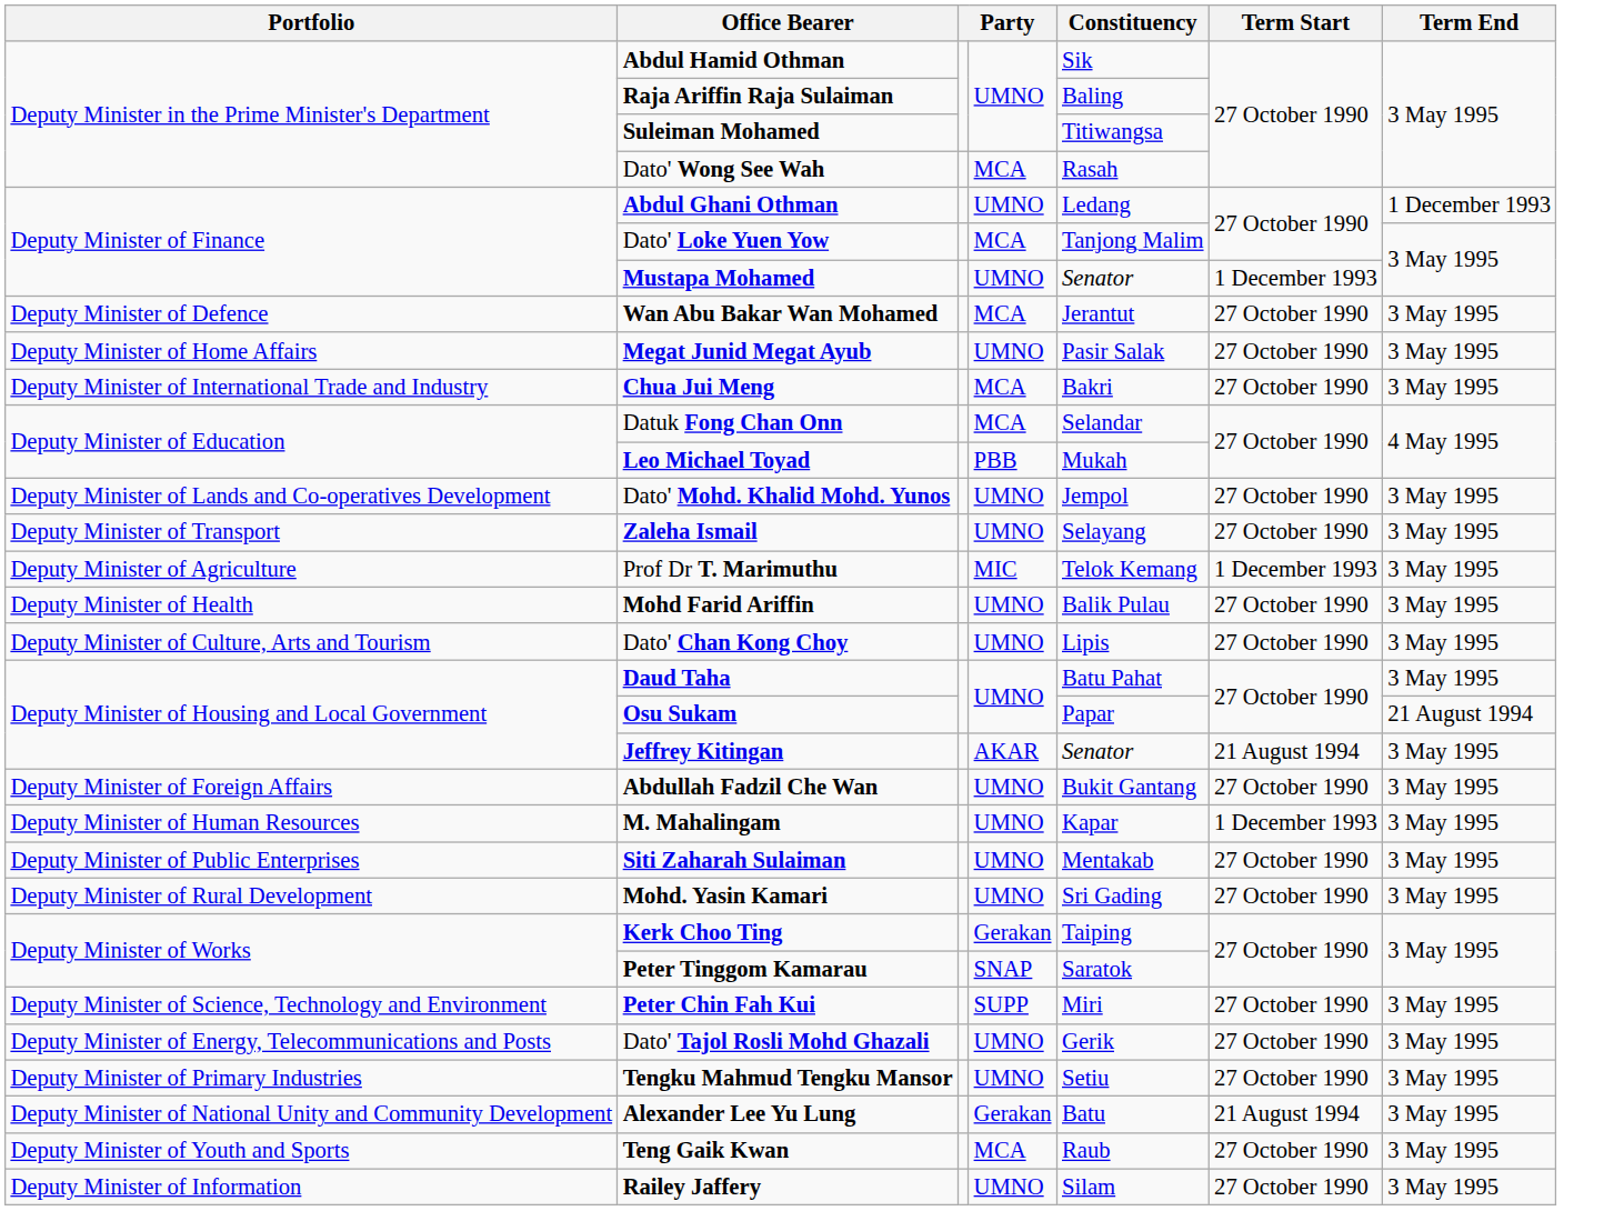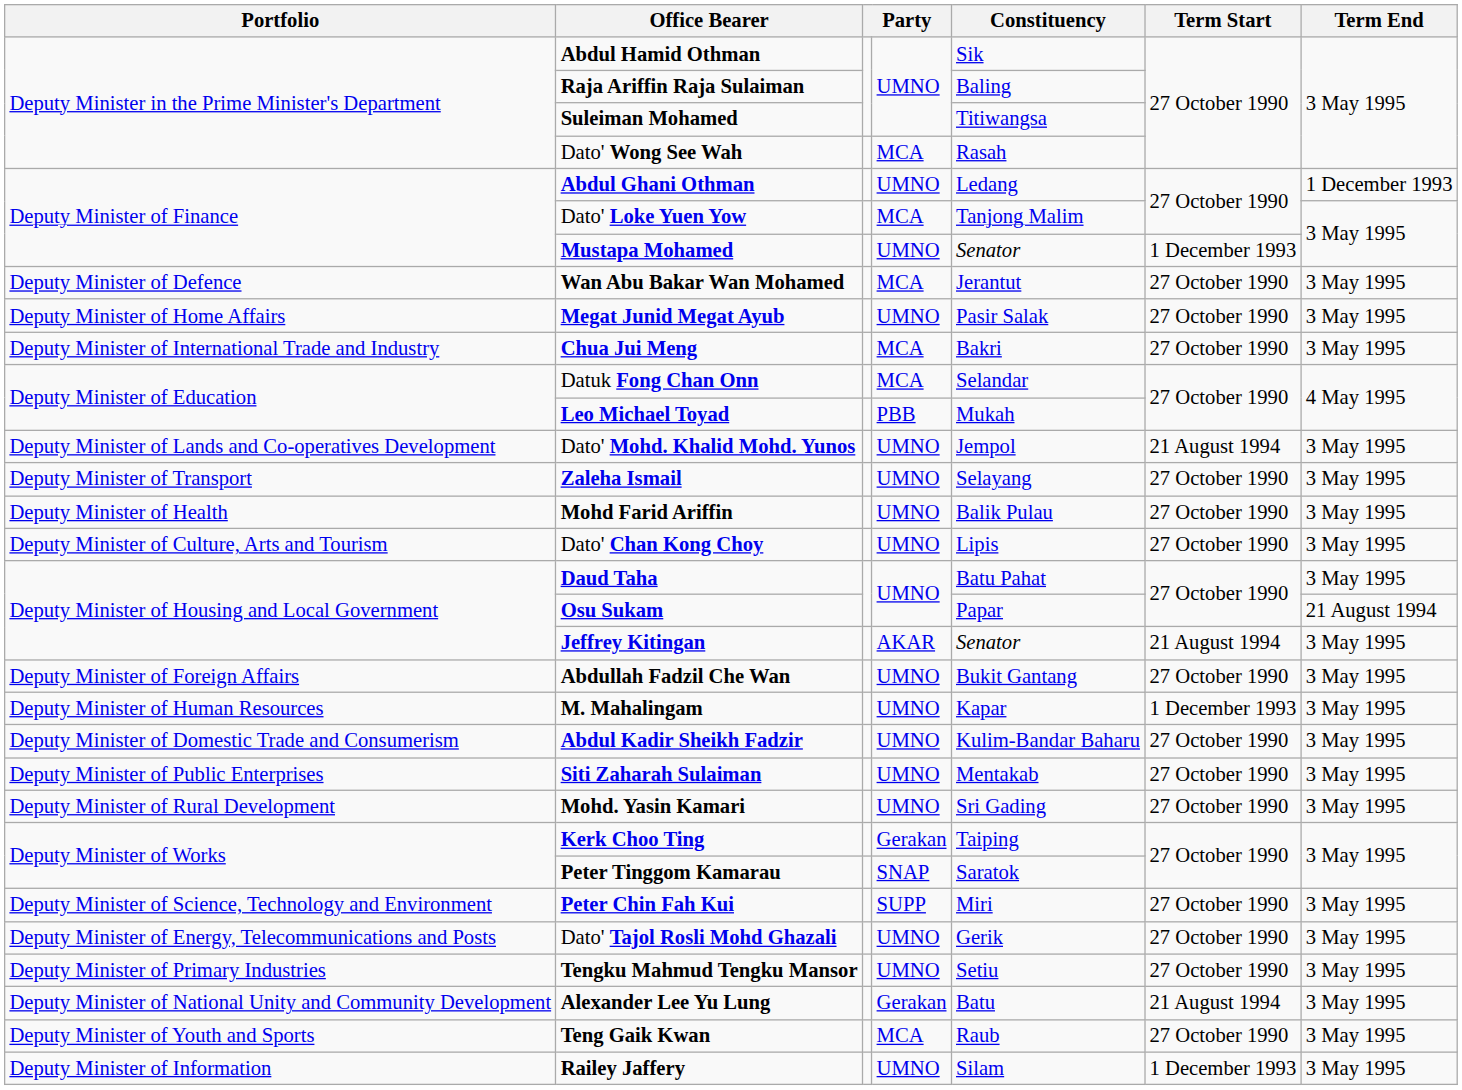 <table class="sortable wikitable">
 <tr>
 <th>Portfolio</th>
 <th>Office Bearer</th>
 <th colspan=2>Party</th>
 <th>Constituency</th>
 <th>Term Start</th>
 <th>Term End</th>
 </tr>
 <tr>
 <td rowspan="4"><a href='#'>Deputy Minister in the Prime Minister's Department</a></td>
 <td><strong>Abdul Hamid Othman</strong> </td>
 <td rowspan=3></td>
 <td rowspan="3"><a href='#'>UMNO</a></td>
 <td><a href='#'>Sik</a></td>
 <td rowspan="4">27 October 1990</td>
 <td rowspan="4">3 May 1995</td>
 </tr>
 <tr>
 <td><strong>Raja Ariffin Raja Sulaiman</strong> </td>
 <td><a href='#'>Baling</a></td>
 </tr>
 <tr>
 <td><strong>Suleiman Mohamed</strong> </td>
 <td><a href='#'>Titiwangsa</a></td>
 </tr>
 <tr>
 <td>Dato' <strong>Wong See Wah</strong> </td>
 <td rowspan=1></td>
 <td><a href='#'>MCA</a></td>
 <td><a href='#'>Rasah</a></td>
 </tr>
 <tr>
 <td rowspan="3"><a href='#'>Deputy Minister of Finance</a></td>
 <td><strong><a href='#'>Abdul Ghani Othman</a></strong> </td>
 <td></td>
 <td><a href='#'>UMNO</a></td>
 <td><a href='#'>Ledang</a></td>
 <td rowspan="2">27 October 1990</td>
 <td>1 December 1993</td>
 </tr>
 <tr>
 <td>Dato' <strong><a href='#'>Loke Yuen Yow</a></strong> </td>
 <td></td>
 <td><a href='#'>MCA</a></td>
 <td><a href='#'>Tanjong Malim</a></td>
 <td rowspan="2">3 May 1995</td>
 </tr>
 <tr>
 <td><strong><a href='#'>Mustapa Mohamed</a></strong></td>
 <td></td>
 <td><a href='#'>UMNO</a></td>
 <td><em>Senator</em></td>
 <td>1 December 1993</td>
 </tr>
 <tr>
 <td><a href='#'>Deputy Minister of Defence</a></td>
 <td><strong>Wan Abu Bakar Wan Mohamed</strong> </td>
 <td rowspan=1></td>
 <td><a href='#'>MCA</a></td>
 <td><a href='#'>Jerantut</a></td>
 <td>27 October 1990</td>
 <td>3 May 1995</td>
 </tr>
 <tr>
 <td><a href='#'>Deputy Minister of Home Affairs</a></td>
 <td><strong><a href='#'>Megat Junid Megat Ayub</a></strong> </td>
 <td></td>
 <td><a href='#'>UMNO</a></td>
 <td><a href='#'>Pasir Salak</a></td>
 <td>27 October 1990</td>
 <td>3 May 1995</td>
 </tr>
 <tr>
 <td><a href='#'>Deputy Minister of International Trade and Industry</a></td>
 <td><strong><a href='#'>Chua Jui Meng</a></strong> </td>
 <td></td>
 <td><a href='#'>MCA</a></td>
 <td><a href='#'>Bakri</a></td>
 <td>27 October 1990</td>
 <td>3 May 1995</td>
 </tr>
 <tr>
 <td rowspan="2"><a href='#'>Deputy Minister of Education</a></td>
 <td>Datuk <strong><a href='#'>Fong Chan Onn</a></strong> </td>
 <td></td>
 <td><a href='#'>MCA</a></td>
 <td><a href='#'>Selandar</a></td>
 <td rowspan="2">27 October 1990</td>
 <td rowspan="2">4 May 1995</td>
 </tr>
 <tr>
 <td><strong><a href='#'>Leo Michael Toyad</a></strong> </td>
 <td></td>
 <td><a href='#'>PBB</a></td>
 <td><a href='#'>Mukah</a></td>
 </tr>
 <tr>
 <td><a href='#'>Deputy Minister of Lands and Co-operatives Development</a></td>
 <td>Dato' <strong><a href='#'>Mohd. Khalid Mohd. Yunos</a></strong> </td>
 <td></td>
 <td><a href='#'>UMNO</a></td>
 <td><a href='#'>Jempol</a></td>
-<td>27 October 1990</td>
+<td>21 August 1994</td>
 <td>3 May 1995</td>
 </tr>
 <tr>
 <td><a href='#'>Deputy Minister of Transport</a></td>
 <td><strong><a href='#'>Zaleha Ismail</a></strong> </td>
 <td rowspan=1></td>
 <td><a href='#'>UMNO</a></td>
 <td><a href='#'>Selayang</a></td>
 <td>27 October 1990</td>
-<td>3 May 1995</td>
-</tr>
-<tr>
-<td><a href='#'>Deputy Minister of Agriculture</a></td>
-<td>Prof Dr <strong>T. Marimuthu</strong> </td>
-<td rowspan=1></td>
-<td><a href='#'>MIC</a></td>
-<td><a href='#'>Telok Kemang</a></td>
-<td>1 December 1993</td>
 <td>3 May 1995</td>
 </tr>
 <tr>
 <td><a href='#'>Deputy Minister of Health</a></td>
 <td><strong>Mohd Farid Ariffin</strong> </td>
 <td rowspan=1></td>
 <td><a href='#'>UMNO</a></td>
 <td><a href='#'>Balik Pulau</a></td>
 <td>27 October 1990</td>
 <td>3 May 1995</td>
 </tr>
 <tr>
 <td><a href='#'>Deputy Minister of Culture, Arts and Tourism</a></td>
 <td>Dato' <strong><a href='#'>Chan Kong Choy</a></strong> </td>
 <td></td>
 <td><a href='#'>UMNO</a></td>
 <td><a href='#'>Lipis</a></td>
 <td>27 October 1990</td>
 <td>3 May 1995</td>
 </tr>
 <tr>
 <td rowspan="3"><a href='#'>Deputy Minister of Housing and Local Government</a></td>
 <td><strong><a href='#'>Daud Taha</a></strong> </td>
 <td rowspan=2></td>
 <td rowspan="2"><a href='#'>UMNO</a></td>
 <td><a href='#'>Batu Pahat</a></td>
 <td rowspan="2">27 October 1990</td>
 <td>3 May 1995</td>
 </tr>
 <tr>
 <td><strong><a href='#'>Osu Sukam</a></strong> </td>
 <td><a href='#'>Papar</a></td>
 <td>21 August 1994</td>
 </tr>
 <tr>
 <td><strong><a href='#'>Jeffrey Kitingan</a></strong></td>
 <td></td>
 <td><a href='#'>AKAR</a></td>
 <td><em>Senator</em></td>
 <td>21 August 1994</td>
 <td>3 May 1995</td>
 </tr>
 <tr>
 <td><a href='#'>Deputy Minister of Foreign Affairs</a></td>
 <td><strong>Abdullah Fadzil Che Wan</strong> </td>
 <td></td>
 <td><a href='#'>UMNO</a></td>
 <td><a href='#'>Bukit Gantang</a></td>
 <td>27 October 1990</td>
 <td>3 May 1995</td>
 </tr>
 <tr>
 <td><a href='#'>Deputy Minister of Human Resources</a></td>
 <td><strong>M. Mahalingam</strong> </td>
 <td></td>
 <td><a href='#'>UMNO</a></td>
 <td><a href='#'>Kapar</a></td>
 <td>1 December 1993</td>
+<td>3 May 1995</td>
+</tr>
+<tr>
+<td><a href='#'>Deputy Minister of Domestic Trade and Consumerism</a></td>
+<td><strong><a href='#'>Abdul Kadir Sheikh Fadzir</a></strong> </td>
+<td></td>
+<td><a href='#'>UMNO</a></td>
+<td><a href='#'>Kulim-Bandar Baharu</a></td>
+<td>27 October 1990</td>
 <td>3 May 1995</td>
 </tr>
 <tr>
 <td><a href='#'>Deputy Minister of Public Enterprises</a></td>
 <td><strong><a href='#'>Siti Zaharah Sulaiman</a></strong> </td>
 <td></td>
 <td><a href='#'>UMNO</a></td>
 <td><a href='#'>Mentakab</a></td>
 <td>27 October 1990</td>
 <td>3 May 1995</td>
 </tr>
 <tr>
 <td><a href='#'>Deputy Minister of Rural Development</a></td>
 <td><strong>Mohd. Yasin Kamari</strong> </td>
 <td rowspan=1></td>
 <td><a href='#'>UMNO</a></td>
 <td><a href='#'>Sri Gading</a></td>
 <td>27 October 1990</td>
 <td>3 May 1995</td>
 </tr>
 <tr>
 <td rowspan="2"><a href='#'>Deputy Minister of Works</a></td>
 <td><strong><a href='#'>Kerk Choo Ting</a></strong> </td>
 <td></td>
 <td><a href='#'>Gerakan</a></td>
 <td><a href='#'>Taiping</a></td>
 <td rowspan="2">27 October 1990</td>
 <td rowspan="2">3 May 1995</td>
 </tr>
 <tr>
 <td><strong>Peter Tinggom Kamarau</strong> </td>
 <td></td>
 <td><a href='#'>SNAP</a></td>
 <td><a href='#'>Saratok</a></td>
 </tr>
 <tr>
 <td><a href='#'>Deputy Minister of Science, Technology and Environment</a></td>
 <td><strong><a href='#'>Peter Chin Fah Kui</a></strong> </td>
 <td rowspan=1></td>
 <td><a href='#'>SUPP</a></td>
 <td><a href='#'>Miri</a></td>
 <td>27 October 1990</td>
 <td>3 May 1995</td>
 </tr>
 <tr>
 <td><a href='#'>Deputy Minister of Energy, Telecommunications and Posts</a></td>
 <td>Dato' <strong><a href='#'>Tajol Rosli Mohd Ghazali</a></strong> </td>
 <td rowspan=1></td>
 <td><a href='#'>UMNO</a></td>
 <td><a href='#'>Gerik</a></td>
 <td>27 October 1990</td>
 <td>3 May 1995</td>
 </tr>
 <tr>
 <td><a href='#'>Deputy Minister of Primary Industries</a></td>
 <td><strong>Tengku Mahmud Tengku Mansor</strong> </td>
 <td rowspan=1></td>
 <td><a href='#'>UMNO</a></td>
 <td><a href='#'>Setiu</a></td>
 <td>27 October 1990</td>
 <td>3 May 1995</td>
 </tr>
 <tr>
 <td><a href='#'>Deputy Minister of National Unity and Community Development</a></td>
 <td><strong>Alexander Lee Yu Lung</strong> </td>
 <td rowspan=1></td>
 <td><a href='#'>Gerakan</a></td>
 <td><a href='#'>Batu</a></td>
 <td>21 August 1994</td>
 <td>3 May 1995</td>
 </tr>
 <tr>
 <td><a href='#'>Deputy Minister of Youth and Sports</a></td>
 <td><strong>Teng Gaik Kwan</strong> </td>
 <td rowspan=1></td>
 <td><a href='#'>MCA</a></td>
 <td><a href='#'>Raub</a></td>
 <td>27 October 1990</td>
 <td>3 May 1995</td>
 </tr>
 <tr>
 <td><a href='#'>Deputy Minister of Information</a></td>
 <td><strong>Railey Jaffery</strong> </td>
 <td rowspan=1></td>
 <td><a href='#'>UMNO</a></td>
 <td><a href='#'>Silam</a></td>
-<td>27 October 1990</td>
+<td>1 December 1993</td>
 <td>3 May 1995</td>
 </tr>
 </table>
